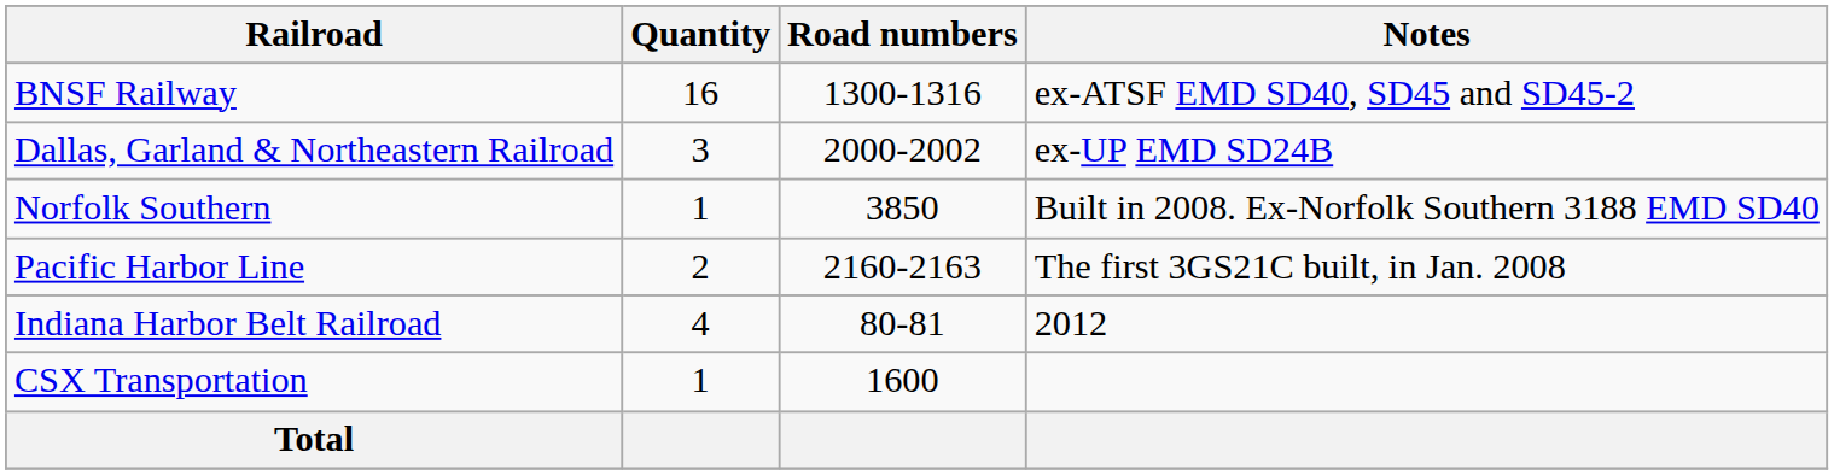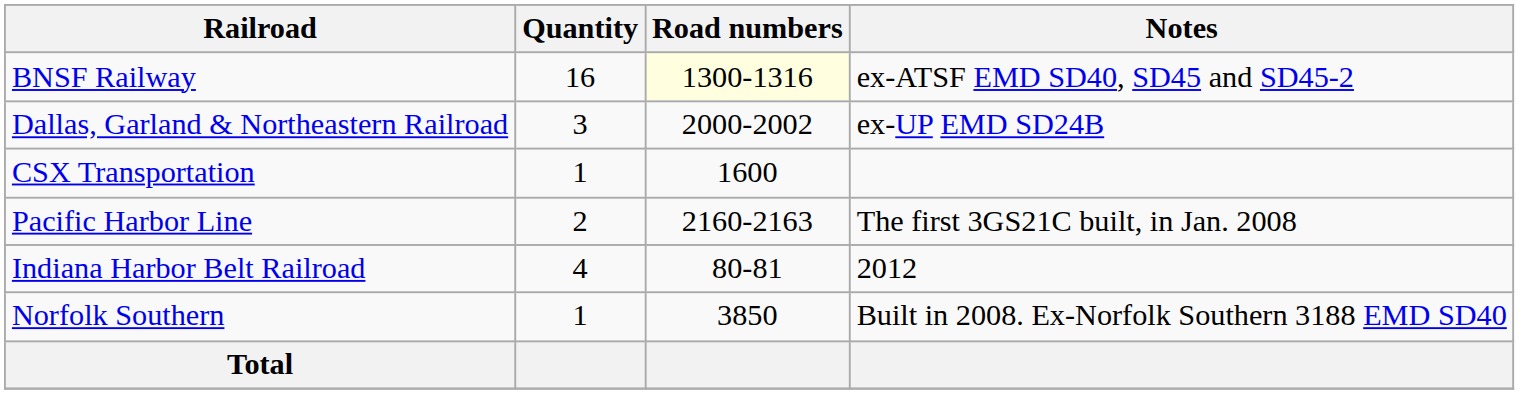 <table class="wikitable">
 <tr>
 <th>Railroad</th>
 <th>Quantity</th>
 <th>Road numbers</th>
 <th>Notes</th>
 </tr>
 <tr>
 <td><a href='#'>BNSF Railway</a></td>
 <td style="text-align: center;">16</td>
-<td style="text-align: center;">1300-1316</td>
+<td style="background: lightyellow; text-align: center;">1300-1316</td>
 <td>ex-ATSF <a href='#'>EMD SD40</a>, <a href='#'>SD45</a> and <a href='#'>SD45-2</a></td>
 </tr>
 <tr>
 <td><a href='#'>Dallas, Garland & Northeastern Railroad</a></td>
 <td style="text-align: center;">3</td>
 <td style="text-align: center;">2000-2002</td>
 <td>ex-<a href='#'>UP</a> <a href='#'>EMD SD24B</a></td>
 </tr>
 <tr>
-<td><a href='#'>Norfolk Southern</a></td>
+<td><a href='#'>CSX Transportation</a></td>
 <td style="text-align: center;">1</td>
-<td style="text-align: center;">3850</td>
-<td>Built in 2008. Ex-Norfolk Southern 3188 <a href='#'>EMD SD40</a></td>
+<td style="text-align: center;">1600</td>
+<td></td>
 </tr>
 <tr>
 <td><a href='#'>Pacific Harbor Line</a></td>
 <td style="text-align: center;">2</td>
 <td style="text-align: center;">2160-2163</td>
 <td>The first 3GS21C built, in Jan. 2008</td>
 </tr>
 <tr>
 <td><a href='#'>Indiana Harbor Belt Railroad</a></td>
 <td style="text-align: center;">4</td>
 <td style="text-align: center;">80-81</td>
 <td>2012</td>
 </tr>
 <tr>
-<td><a href='#'>CSX Transportation</a></td>
+<td><a href='#'>Norfolk Southern</a></td>
 <td style="text-align: center;">1</td>
-<td style="text-align: center;">1600</td>
-<td></td>
+<td style="text-align: center;">3850</td>
+<td>Built in 2008. Ex-Norfolk Southern 3188 <a href='#'>EMD SD40</a></td>
 </tr>
 <tr>
 <th>Total</th>
 <th 27></th>
 <th></th>
 <th></th>
 </tr>
 <tr>
 </tr>
 </table>
